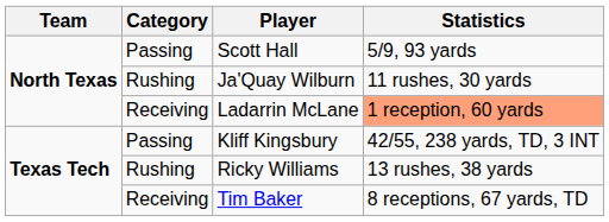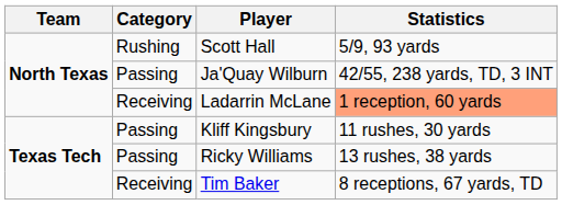 <table class="wikitable" style="float: left;">
 <tr>
 <th>Team</th>
 <th>Category</th>
 <th>Player</th>
 <th>Statistics</th>
 </tr>
 <tr>
 <td rowspan=3><strong>North Texas</strong></td>
-<td>Passing</td>
+<td>Rushing</td>
 <td>Scott Hall</td>
 <td>5/9, 93 yards</td>
 </tr>
 <tr>
-<td>Rushing</td>
+<td>Passing</td>
 <td>Ja'Quay Wilburn</td>
-<td>11 rushes, 30 yards</td>
+<td>42/55, 238 yards, TD, 3 INT</td>
 </tr>
 <tr>
 <td>Receiving</td>
 <td>Ladarrin McLane</td>
 <td style="background: lightsalmon;">1 reception, 60 yards</td>
 </tr>
 <tr>
 <td rowspan=3><strong>Texas Tech</strong></td>
 <td>Passing</td>
 <td>Kliff Kingsbury</td>
-<td>42/55, 238 yards, TD, 3 INT</td>
+<td>11 rushes, 30 yards</td>
 </tr>
 <tr>
-<td>Rushing</td>
+<td>Passing</td>
 <td>Ricky Williams</td>
 <td>13 rushes, 38 yards</td>
 </tr>
 <tr>
 <td>Receiving</td>
 <td><a href='#'>Tim Baker</a></td>
 <td>8 receptions, 67 yards, TD</td>
 </tr>
 </table>
